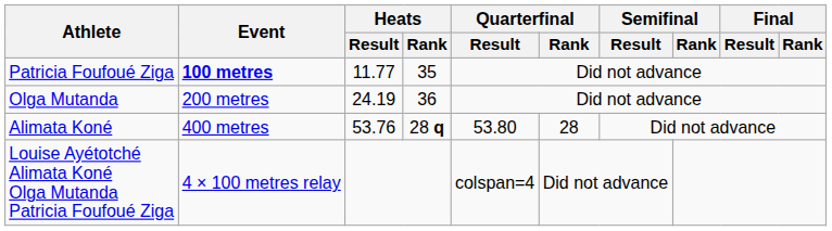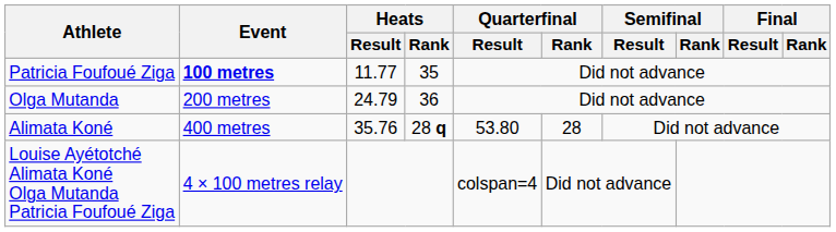 <table class="wikitable" style="font-size:90%">
 <tr>
 <th rowspan="2">Athlete</th>
 <th rowspan="2">Event</th>
 <th colspan="2">Heats</th>
 <th colspan="2">Quarterfinal</th>
 <th colspan="2">Semifinal</th>
 <th colspan="2">Final</th>
 </tr>
 <tr style="font-size:95%">
 <th>Result</th>
 <th>Rank</th>
 <th>Result</th>
 <th>Rank</th>
 <th>Result</th>
 <th>Rank</th>
 <th>Result</th>
 <th>Rank</th>
 </tr>
 <tr align=center>
 <td align=left><a href='#'>Patricia Foufoué Ziga</a></td>
 <td align=left><strong><a href='#'>100 metres</a></strong></td>
 <td>11.77</td>
 <td>35</td>
 <td colspan=6>Did not advance</td>
 </tr>
 <tr align=center>
 <td align=left><a href='#'>Olga Mutanda</a></td>
 <td align=left><a href='#'>200 metres</a></td>
-<td>24.19</td>
+<td>24.79</td>
 <td>36</td>
 <td colspan=6>Did not advance</td>
 </tr>
 <tr align=center>
 <td align=left><a href='#'>Alimata Koné</a></td>
 <td align=left><a href='#'>400 metres</a></td>
-<td>53.76</td>
+<td>35.76</td>
 <td>28 <strong>q</strong></td>
 <td>53.80</td>
 <td>28</td>
 <td colspan=4>Did not advance</td>
 </tr>
 <tr align=center>
 <td align=left><a href='#'>Louise Ayétotché</a><br><a href='#'>Alimata Koné</a><br><a href='#'>Olga Mutanda</a><br><a href='#'>Patricia Foufoué Ziga</a></td>
 <td align=left><a href='#'>4 × 100 metres relay</a></td>
 <td colspan=2></td>
 <td>colspan=4</td>
 <td colspan=2>Did not advance</td>
 </tr>
 </table>
